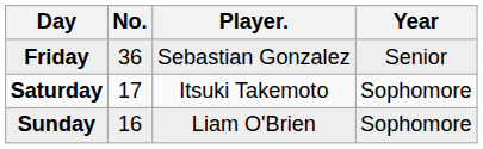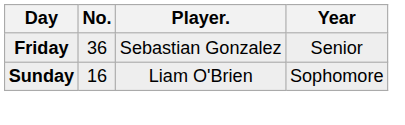 <table class="wikitable non-sortable">
 <tr>
 <th style="text-align:center; ">Day</th>
 <th style="text-align:center; ">No.</th>
 <th style="text-align:center; ">Player.</th>
 <th style="text-align:center; ">Year</th>
 </tr>
 <tr style="background:#eeeeee;text-align:center;">
 <td><strong>Friday</strong></td>
 <td>36</td>
 <td>Sebastian Gonzalez</td>
 <td>Senior</td>
 </tr>
-<tr style="text-align:center;">
-<td><strong>Saturday</strong></td>
-<td>17</td>
-<td>Itsuki Takemoto</td>
-<td>Sophomore</td>
-</tr>
 <tr style="background:#eeeeee;text-align:center;">
 <td><strong>Sunday</strong></td>
 <td>16</td>
 <td>Liam O'Brien</td>
 <td>Sophomore</td>
 </tr>
 </table>
